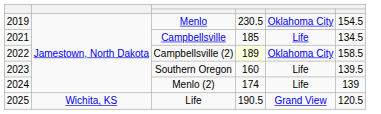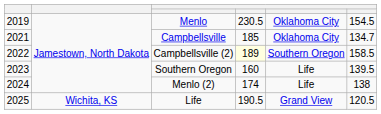 <table class="wikitable sortable" style="font-size:95%; text-align: center;">
 <tr>
 <th rowspan="2"></th>
 <th rowspan="2"></th>
 <th colspan=4></th>
 </tr>
 <tr>
 <th></th>
 <th></th>
 <th></th>
 <th></th>
 </tr>
 <tr>
 <td>2019</td>
 <td rowspan="5"><a href='#'>Jamestown, North Dakota</a></td>
 <td><a href='#'>Menlo</a></td>
 <td>230.5</td>
 <td><a href='#'>Oklahoma City</a></td>
 <td>154.5</td>
 </tr>
 <tr>
 <td>2021</td>
 <td><a href='#'>Campbellsville</a></td>
 <td>185</td>
-<td><a href='#'>Life</a></td>
-<td>134.5</td>
+<td><a href='#'>Oklahoma City</a></td>
+<td>134.7</td>
 </tr>
 <tr>
 <td>2022 </td>
 <td>Campbellsville (2)</td>
 <td style="background: lightyellow;">189</td>
-<td><a href='#'>Oklahoma City</a></td>
+<td><a href='#'>Southern Oregon</a></td>
 <td>158.5</td>
 </tr>
 <tr>
 <td>2023</td>
 <td>Southern Oregon</td>
 <td>160</td>
 <td>Life</td>
 <td>139.5</td>
 </tr>
 <tr>
 <td>2024</td>
 <td>Menlo (2)</td>
 <td>174</td>
 <td>Life</td>
-<td>139</td>
+<td>138</td>
 </tr>
 <tr>
 <td>2025</td>
 <td><a href='#'>Wichita, KS</a></td>
 <td>Life</td>
 <td>190.5</td>
 <td><a href='#'>Grand View</a></td>
 <td>120.5</td>
 </tr>
 </table>
